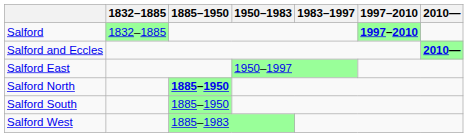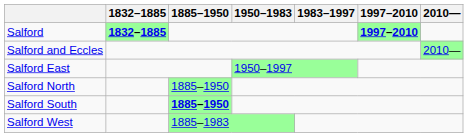 <table class="wikitable">
 <tr>
 <th> </th>
 <th>1832–1885</th>
 <th>1885–1950</th>
 <th>1950–1983</th>
 <th>1983–1997</th>
 <th>1997–2010</th>
 <th>2010—</th>
 </tr>
 <tr>
 <td><a href='#'>Salford</a></td>
-<td colspan="1" bgcolor="#99FF99"><a href='#'>1832</a>–<a href='#'>1885</a></td>
+<td colspan="1" bgcolor="#99FF99"><strong><a href='#'>1832</a>–<a href='#'>1885</a></strong></td>
 <td colspan="3"> </td>
 <td colspan="1" bgcolor="#99FF99"><strong><a href='#'>1997</a>–<a href='#'>2010</a></strong></td>
 <td colspan="1"> </td>
 </tr>
 <tr>
 <td><a href='#'>Salford and Eccles</a></td>
 <td colspan="5"> </td>
-<td colspan="1" bgcolor="#99FF99"><strong><a href='#'>2010</a>—</strong></td>
+<td colspan="1" bgcolor="#99FF99"><a href='#'>2010</a>—</td>
 </tr>
 <tr>
 <td><a href='#'>Salford East</a></td>
 <td colspan="2"> </td>
 <td colspan="2" bgcolor="#99FF99"><a href='#'>1950</a>–<a href='#'>1997</a></td>
 <td colspan="2"> </td>
 </tr>
 <tr>
 <td><a href='#'>Salford North</a></td>
 <td colspan="1"> </td>
-<td colspan="1" bgcolor="#99FF99"><strong><a href='#'>1885</a>–<a href='#'>1950</a></strong></td>
+<td colspan="1" bgcolor="#99FF99"><a href='#'>1885</a>–<a href='#'>1950</a></td>
 <td colspan="4"> </td>
 </tr>
 <tr>
 <td><a href='#'>Salford South</a></td>
 <td colspan="1"> </td>
-<td colspan="1" bgcolor="#99FF99"><a href='#'>1885</a>–<a href='#'>1950</a></td>
+<td colspan="1" bgcolor="#99FF99"><strong><a href='#'>1885</a>–<a href='#'>1950</a></strong></td>
 <td colspan="4"> </td>
 </tr>
 <tr>
 <td><a href='#'>Salford West</a></td>
 <td colspan="1"> </td>
 <td colspan="2" bgcolor="#99FF99"><a href='#'>1885</a>–<a href='#'>1983</a></td>
 <td colspan="3"> </td>
 </tr>
 </table>
